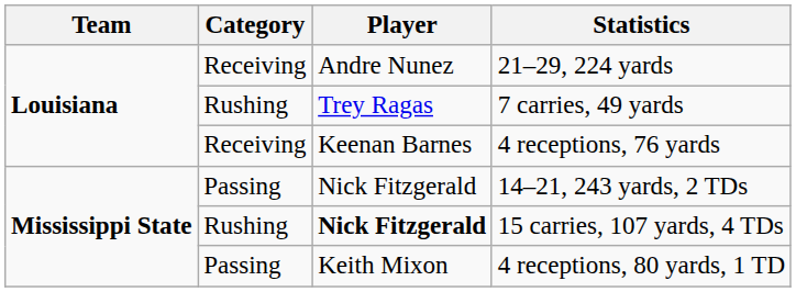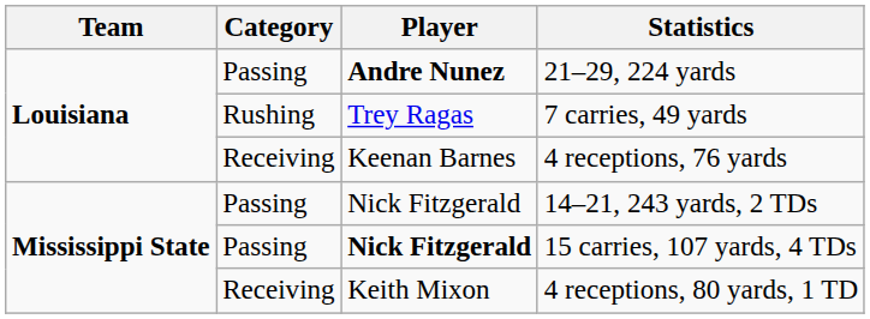 <table class="wikitable" style="float: left;">
 <tr>
 <th>Team</th>
 <th>Category</th>
 <th>Player</th>
 <th>Statistics</th>
 </tr>
 <tr>
 <td rowspan=3><strong>Louisiana</strong></td>
-<td>Receiving</td>
-<td>Andre Nunez</td>
+<td>Passing</td>
+<td><strong>Andre Nunez</strong></td>
 <td>21–29, 224 yards</td>
 </tr>
 <tr>
 <td>Rushing</td>
 <td><a href='#'>Trey Ragas</a></td>
 <td>7 carries, 49 yards</td>
 </tr>
 <tr>
 <td>Receiving</td>
 <td>Keenan Barnes</td>
 <td>4 receptions, 76 yards</td>
 </tr>
 <tr>
 <td rowspan=3><strong>Mississippi State</strong></td>
 <td>Passing</td>
 <td>Nick Fitzgerald</td>
 <td>14–21, 243 yards, 2 TDs</td>
 </tr>
 <tr>
-<td>Rushing</td>
+<td>Passing</td>
 <td><strong>Nick Fitzgerald</strong></td>
 <td>15 carries, 107 yards, 4 TDs</td>
 </tr>
 <tr>
-<td>Passing</td>
+<td>Receiving</td>
 <td>Keith Mixon</td>
 <td>4 receptions, 80 yards, 1 TD</td>
 </tr>
 </table>
